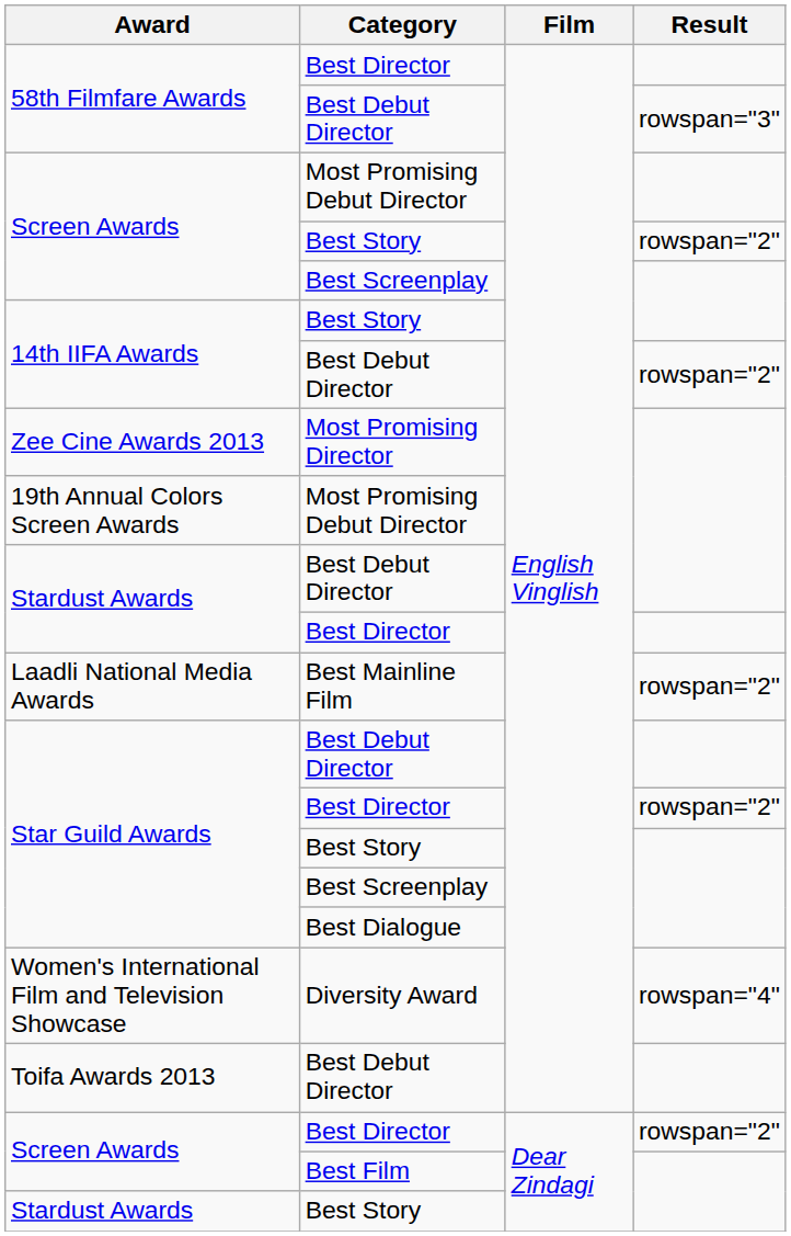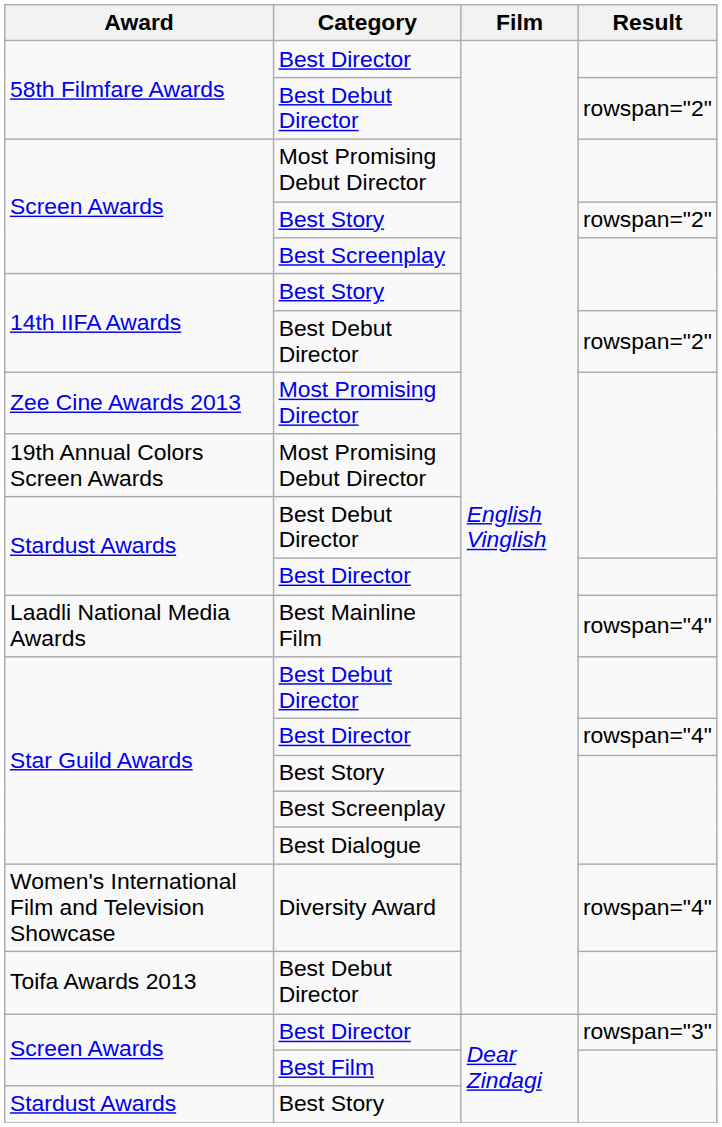 <table class="wikitable" width="80%">
 <tr>
 <th>Award</th>
 <th>Category</th>
 <th>Film</th>
 <th>Result</th>
 </tr>
 <tr>
 <td rowspan="2"><a href='#'>58th Filmfare Awards</a></td>
 <td><a href='#'>Best Director</a></td>
 <td rowspan="19"><em><a href='#'>English Vinglish</a></em></td>
 <td></td>
 </tr>
 <tr>
 <td><a href='#'>Best Debut Director</a></td>
-<td>rowspan="3" </td>
+<td>rowspan="2" </td>
 </tr>
 <tr>
 <td rowspan="3"><a href='#'>Screen Awards</a></td>
 <td>Most Promising Debut Director</td>
 </tr>
 <tr>
 <td><a href='#'>Best Story</a></td>
 <td>rowspan="2" </td>
 </tr>
 <tr>
 <td><a href='#'>Best Screenplay</a></td>
 </tr>
 <tr>
 <td rowspan="2"><a href='#'>14th IIFA Awards</a></td>
 <td><a href='#'>Best Story</a></td>
 </tr>
 <tr>
 <td>Best Debut Director</td>
 <td>rowspan="2" </td>
 </tr>
 <tr>
 <td><a href='#'>Zee Cine Awards 2013</a></td>
 <td><a href='#'>Most Promising Director</a></td>
 </tr>
 <tr>
 <td>19th Annual Colors Screen Awards</td>
 <td>Most Promising Debut Director</td>
 </tr>
 <tr>
 <td rowspan="2"><a href='#'>Stardust Awards</a></td>
 <td>Best Debut Director</td>
 </tr>
 <tr>
 <td><a href='#'>Best Director</a></td>
 <td></td>
 </tr>
 <tr>
 <td>Laadli National Media Awards</td>
 <td>Best Mainline Film</td>
-<td>rowspan="2" </td>
+<td>rowspan="4" </td>
 </tr>
 <tr>
 <td rowspan="5"><a href='#'>Star Guild Awards</a></td>
 <td><a href='#'>Best Debut Director</a></td>
 </tr>
 <tr>
 <td><a href='#'>Best Director</a></td>
-<td>rowspan="2" </td>
+<td>rowspan="4" </td>
 </tr>
 <tr>
 <td>Best Story</td>
 </tr>
 <tr>
 <td>Best Screenplay</td>
 </tr>
 <tr>
 <td>Best Dialogue</td>
 </tr>
 <tr>
 <td>Women's International Film and Television Showcase</td>
 <td>Diversity Award</td>
 <td>rowspan="4" </td>
 </tr>
 <tr>
 <td>Toifa Awards 2013</td>
 <td>Best Debut Director</td>
 </tr>
 <tr>
 <td rowspan="2"><a href='#'>Screen Awards</a></td>
 <td><a href='#'>Best Director</a></td>
 <td rowspan="3"><em><a href='#'>Dear Zindagi</a></em></td>
-<td>rowspan="2" </td>
+<td>rowspan="3" </td>
 </tr>
 <tr>
 <td><a href='#'>Best Film</a></td>
 </tr>
 <tr>
 <td><a href='#'>Stardust Awards</a></td>
 <td>Best Story</td>
 </tr>
 </table>
